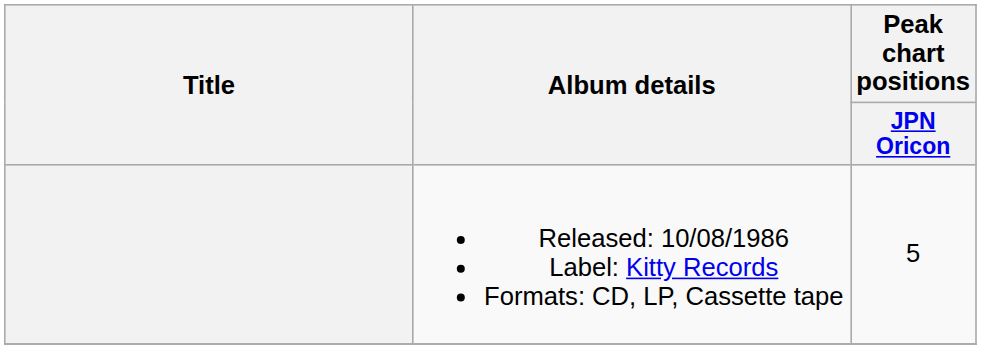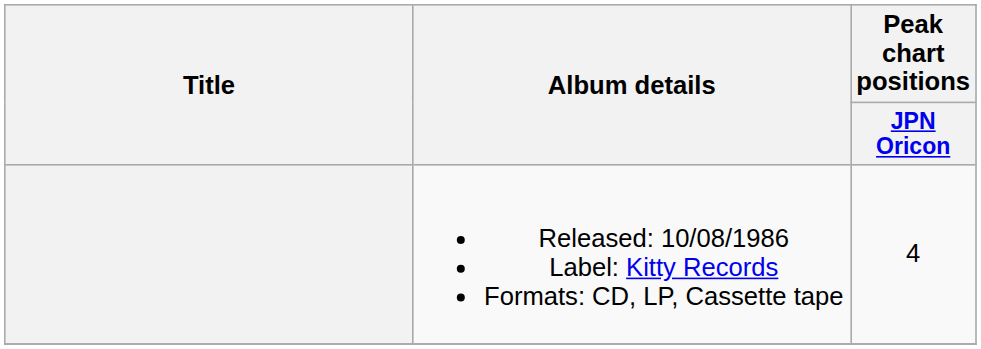 <table class="wikitable plainrowheaders" style="text-align:center;">
 <tr>
 <th scope="col" rowspan="2" style="width:19em;">Title</th>
 <th scope="col" rowspan="2" style="width:19em;">Album details</th>
 <th scope="col">Peak<br>chart<br>positions</th>
 </tr>
 <tr>
 <th scope="col" style="width:2.9em;font-size:90%;"><a href='#'>JPN<br>Oricon</a><br></th>
 </tr>
 <tr>
 <th scope="row"></th>
 <td><br><ul><li>Released: 10/08/1986</li><li>Label: <a href='#'>Kitty Records</a></li><li>Formats: CD, LP, Cassette tape</li></ul></td>
-<td>5</td>
+<td>4</td>
 </tr>
 <tr>
 </tr>
 </table>
